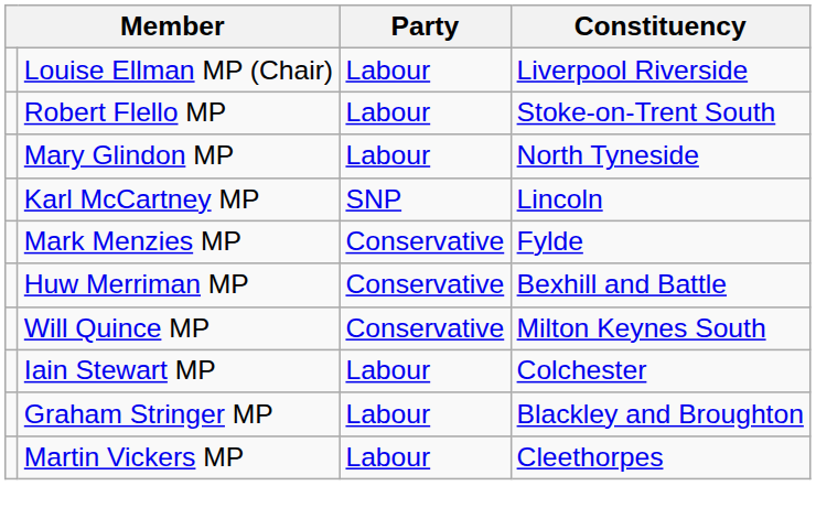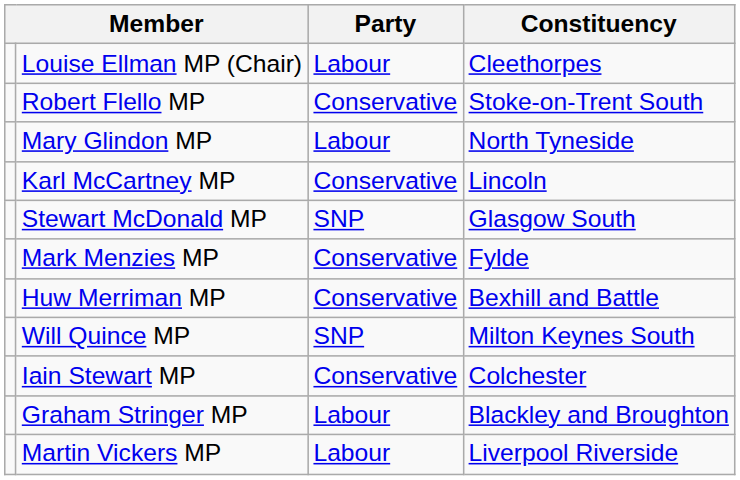 <table class="wikitable">
 <tr>
 <th colspan=2>Member</th>
 <th>Party</th>
 <th>Constituency</th>
 </tr>
 <tr>
 <td style="color:inherit;background:"></td>
 <td><a href='#'>Louise Ellman</a> MP (Chair)</td>
 <td><a href='#'>Labour</a></td>
-<td><a href='#'>Liverpool Riverside</a></td>
+<td><a href='#'>Cleethorpes</a></td>
 </tr>
 <tr>
 <td style="color:inherit;background:"></td>
 <td><a href='#'>Robert Flello</a> MP</td>
-<td><a href='#'>Labour</a></td>
+<td><a href='#'>Conservative</a></td>
 <td><a href='#'>Stoke-on-Trent South</a></td>
 </tr>
 <tr>
 <td style="color:inherit;background:"></td>
 <td><a href='#'>Mary Glindon</a> MP</td>
 <td><a href='#'>Labour</a></td>
 <td><a href='#'>North Tyneside</a></td>
 </tr>
 <tr>
 <td style="color:inherit;background:"></td>
 <td><a href='#'>Karl McCartney</a> MP</td>
+<td><a href='#'>Conservative</a></td>
+<td><a href='#'>Lincoln</a></td>
+</tr>
+<tr>
+<td style="color:inherit;background:"></td>
+<td><a href='#'>Stewart McDonald</a> MP</td>
 <td><a href='#'>SNP</a></td>
-<td><a href='#'>Lincoln</a></td>
+<td><a href='#'>Glasgow South</a></td>
 </tr>
 <tr>
 <td style="color:inherit;background:"></td>
 <td><a href='#'>Mark Menzies</a> MP</td>
 <td><a href='#'>Conservative</a></td>
 <td><a href='#'>Fylde</a></td>
 </tr>
 <tr>
 <td style="color:inherit;background:"></td>
 <td><a href='#'>Huw Merriman</a> MP</td>
 <td><a href='#'>Conservative</a></td>
 <td><a href='#'>Bexhill and Battle</a></td>
 </tr>
 <tr>
 <td style="color:inherit;background:"></td>
 <td><a href='#'>Will Quince</a> MP</td>
-<td><a href='#'>Conservative</a></td>
+<td><a href='#'>SNP</a></td>
 <td><a href='#'>Milton Keynes South</a></td>
 </tr>
 <tr>
 <td style="color:inherit;background:"></td>
 <td><a href='#'>Iain Stewart</a> MP</td>
-<td><a href='#'>Labour</a></td>
+<td><a href='#'>Conservative</a></td>
 <td><a href='#'>Colchester</a></td>
 </tr>
 <tr>
 <td style="color:inherit;background:"></td>
 <td><a href='#'>Graham Stringer</a> MP</td>
 <td><a href='#'>Labour</a></td>
 <td><a href='#'>Blackley and Broughton</a></td>
 </tr>
 <tr>
 <td style="color:inherit;background:"></td>
 <td><a href='#'>Martin Vickers</a> MP</td>
 <td><a href='#'>Labour</a></td>
-<td><a href='#'>Cleethorpes</a></td>
+<td><a href='#'>Liverpool Riverside</a></td>
 </tr>
 </table>
